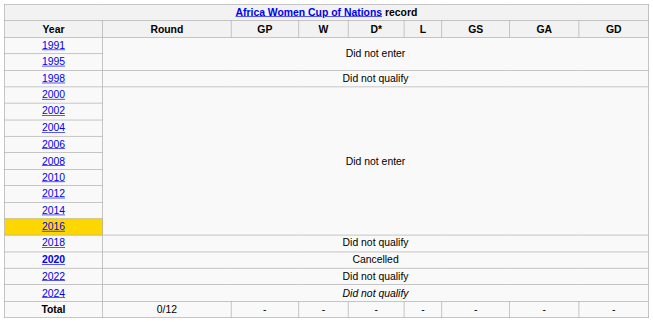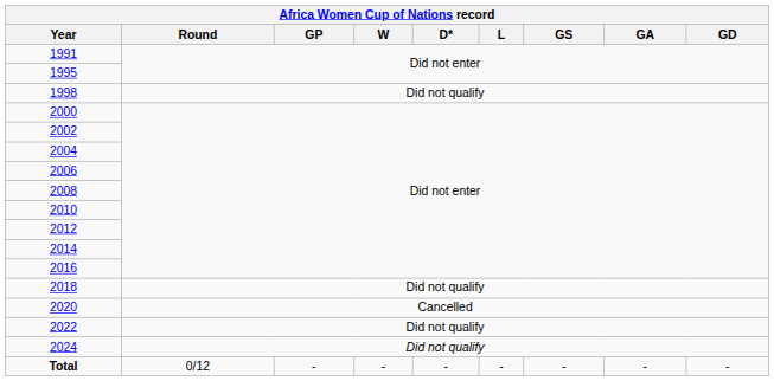 <table class="wikitable" style="text-align: center; width:50%;">
 <tr>
 <th colspan=10><a href='#'>Africa Women Cup of Nations</a> record</th>
 </tr>
 <tr>
 <th>Year</th>
 <th>Round</th>
 <th>GP</th>
 <th>W</th>
 <th>D*</th>
 <th>L</th>
 <th>GS</th>
 <th>GA</th>
 <th>GD</th>
 </tr>
 <tr>
 <td><a href='#'>1991</a></td>
 <td colspan=8 rowspan=2>Did not enter</td>
 </tr>
 <tr>
 <td><a href='#'>1995</a></td>
 </tr>
 <tr>
 <td> <a href='#'>1998</a></td>
 <td colspan=8>Did not qualify</td>
 </tr>
 <tr>
 <td> <a href='#'>2000</a></td>
 <td colspan=8 rowspan=9>Did not enter</td>
 </tr>
 <tr>
 <td> <a href='#'>2002</a></td>
 </tr>
 <tr>
 <td> <a href='#'>2004</a></td>
 </tr>
 <tr>
 <td> <a href='#'>2006</a></td>
 </tr>
 <tr>
 <td> <a href='#'>2008</a></td>
 </tr>
 <tr>
 <td> <a href='#'>2010</a></td>
 </tr>
 <tr>
 <td> <a href='#'>2012</a></td>
 </tr>
 <tr>
 <td> <a href='#'>2014</a></td>
 </tr>
 <tr>
-<td style="background: gold;"> <a href='#'>2016</a></td>
+<td> <a href='#'>2016</a></td>
 </tr>
 <tr>
 <td> <a href='#'>2018</a></td>
 <td colspan=8>Did not qualify</td>
 </tr>
 <tr>
-<td><strong> <a href='#'>2020</a></strong></td>
+<td> <a href='#'>2020</a></td>
 <td colspan=8>Cancelled</td>
 </tr>
 <tr>
 <td> <a href='#'>2022</a></td>
 <td colspan=8>Did not qualify</td>
 </tr>
 <tr>
 <td> <a href='#'>2024</a></td>
 <td colspan=8><em>Did not qualify</em></td>
 </tr>
 <tr>
 <td><strong>Total</strong></td>
 <td>0/12</td>
 <td>-</td>
 <td>-</td>
 <td>-</td>
 <td>-</td>
 <td>-</td>
 <td>-</td>
 <td>-</td>
 </tr>
 </table>
